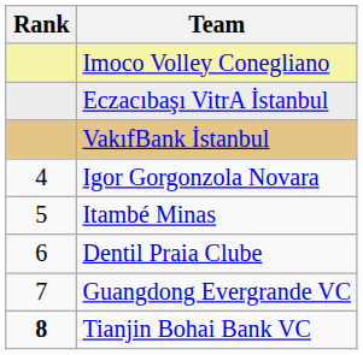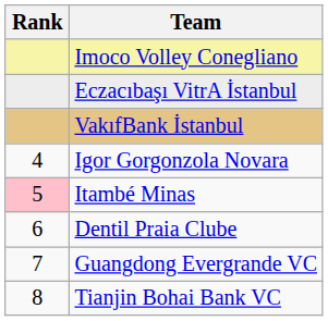 <table class="wikitable" style="text-align: center;">
 <tr>
 <th width=40>Rank</th>
 <th>Team</th>
 </tr>
 <tr bgcolor=f7f6a8>
 <td></td>
 <td align=left> <a href='#'>Imoco Volley Conegliano</a></td>
 </tr>
 <tr bgcolor=ededed>
 <td></td>
 <td align=left> <a href='#'>Eczacıbaşı VitrA İstanbul</a></td>
 </tr>
 <tr bgcolor=e5c585>
 <td></td>
 <td align=left> <a href='#'>VakıfBank İstanbul</a></td>
 </tr>
 <tr>
 <td>4</td>
 <td align=left> <a href='#'>Igor Gorgonzola Novara</a></td>
 </tr>
 <tr>
-<td>5</td>
+<td style="background: pink;">5</td>
 <td align=left> <a href='#'>Itambé Minas</a></td>
 </tr>
 <tr>
 <td>6</td>
 <td align=left> <a href='#'>Dentil Praia Clube</a></td>
 </tr>
 <tr>
 <td>7</td>
 <td align=left> <a href='#'>Guangdong Evergrande VC</a></td>
 </tr>
 <tr>
-<td><strong>8</strong></td>
+<td>8</td>
 <td align=left> <a href='#'>Tianjin Bohai Bank VC</a></td>
 </tr>
 </table>
